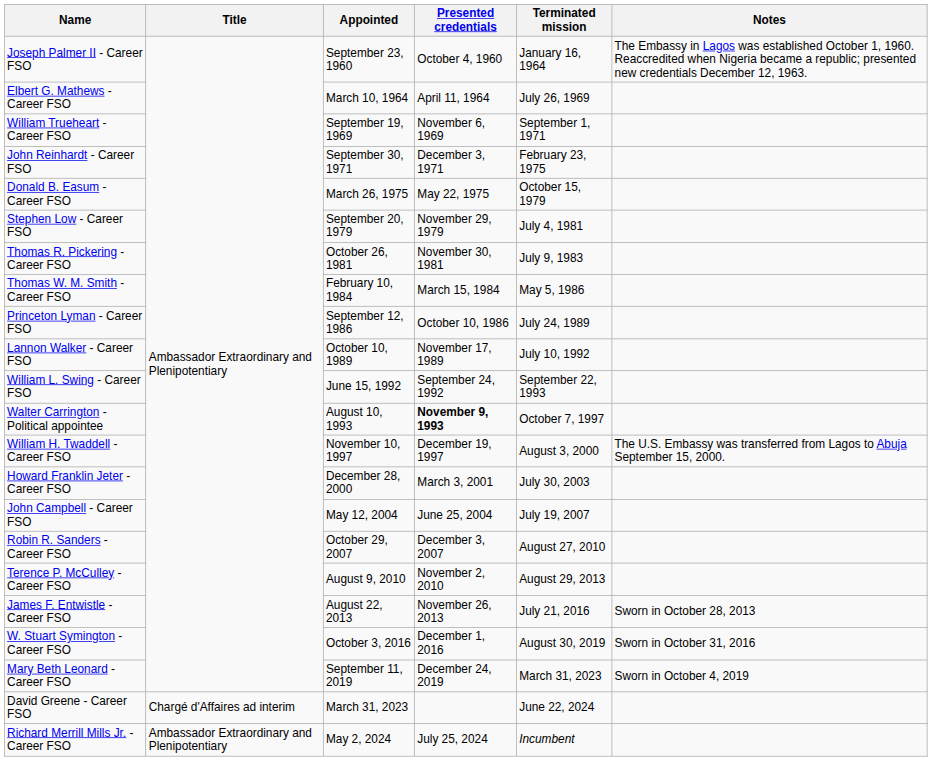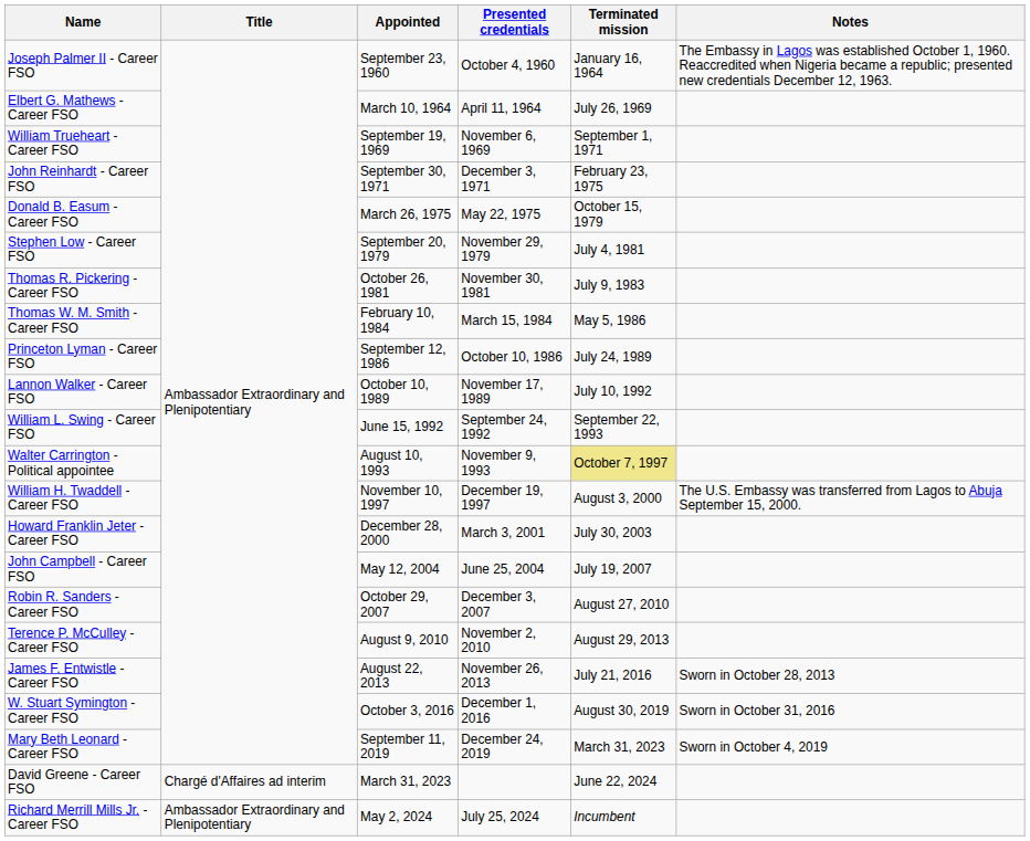 <table class="wikitable">
 <tr>
 <th>Name</th>
 <th>Title</th>
 <th>Appointed</th>
 <th><a href='#'>Presented credentials</a></th>
 <th>Terminated mission</th>
 <th>Notes</th>
 </tr>
 <tr>
 <td><a href='#'>Joseph Palmer II</a> - Career FSO</td>
 <td rowspan="20">Ambassador Extraordinary and Plenipotentiary</td>
 <td>September 23, 1960</td>
 <td>October 4, 1960</td>
 <td>January 16, 1964</td>
 <td>The Embassy in <a href='#'>Lagos</a> was established October 1, 1960.<br>Reaccredited when Nigeria became a republic; presented new credentials December 12, 1963.</td>
 </tr>
 <tr>
 <td><a href='#'>Elbert G. Mathews</a> - Career FSO</td>
 <td>March 10, 1964</td>
 <td>April 11, 1964</td>
 <td>July 26, 1969</td>
 <td></td>
 </tr>
 <tr>
 <td><a href='#'>William Trueheart</a> - Career FSO</td>
 <td>September 19, 1969</td>
 <td>November 6, 1969</td>
 <td>September 1, 1971</td>
 <td></td>
 </tr>
 <tr>
 <td><a href='#'>John Reinhardt</a> - Career FSO</td>
 <td>September 30, 1971</td>
 <td>December 3, 1971</td>
 <td>February 23, 1975</td>
 <td></td>
 </tr>
 <tr>
 <td><a href='#'>Donald B. Easum</a> - Career FSO</td>
 <td>March 26, 1975</td>
 <td>May 22, 1975</td>
 <td>October 15, 1979</td>
 <td></td>
 </tr>
 <tr>
 <td><a href='#'>Stephen Low</a> - Career FSO</td>
 <td>September 20, 1979</td>
 <td>November 29, 1979</td>
 <td>July 4, 1981</td>
 <td></td>
 </tr>
 <tr>
 <td><a href='#'>Thomas R. Pickering</a> - Career FSO</td>
 <td>October 26, 1981</td>
 <td>November 30, 1981</td>
 <td>July 9, 1983</td>
 <td></td>
 </tr>
 <tr>
 <td><a href='#'>Thomas W. M. Smith</a> - Career FSO</td>
 <td>February 10, 1984</td>
 <td>March 15, 1984</td>
 <td>May 5, 1986</td>
 <td></td>
 </tr>
 <tr>
 <td><a href='#'>Princeton Lyman</a> - Career FSO</td>
 <td>September 12, 1986</td>
 <td>October 10, 1986</td>
 <td>July 24, 1989</td>
 <td></td>
 </tr>
 <tr>
 <td><a href='#'>Lannon Walker</a> - Career FSO</td>
 <td>October 10, 1989</td>
 <td>November 17, 1989</td>
 <td>July 10, 1992</td>
 <td></td>
 </tr>
 <tr>
 <td><a href='#'>William L. Swing</a> - Career FSO</td>
 <td>June 15, 1992</td>
 <td>September 24, 1992</td>
 <td>September 22, 1993</td>
 <td></td>
 </tr>
 <tr>
 <td><a href='#'>Walter Carrington</a> - Political appointee</td>
 <td>August 10, 1993</td>
-<td><strong>November 9, 1993</strong></td>
-<td>October 7, 1997</td>
+<td>November 9, 1993</td>
+<td style="background: khaki;">October 7, 1997</td>
 <td></td>
 </tr>
 <tr>
 <td><a href='#'>William H. Twaddell</a> - Career FSO</td>
 <td>November 10, 1997</td>
 <td>December 19, 1997</td>
 <td>August 3, 2000</td>
 <td>The U.S. Embassy was transferred from Lagos to <a href='#'>Abuja</a> September 15, 2000.</td>
 </tr>
 <tr>
 <td><a href='#'>Howard Franklin Jeter</a> - Career FSO</td>
 <td>December 28, 2000</td>
 <td>March 3, 2001</td>
 <td>July 30, 2003</td>
 <td></td>
 </tr>
 <tr>
 <td><a href='#'>John Campbell</a> - Career FSO</td>
 <td>May 12, 2004</td>
 <td>June 25, 2004</td>
 <td>July 19, 2007</td>
 <td></td>
 </tr>
 <tr>
 <td><a href='#'>Robin R. Sanders</a> - Career FSO</td>
 <td>October 29, 2007</td>
 <td>December 3, 2007</td>
 <td>August 27, 2010</td>
 <td></td>
 </tr>
 <tr>
 <td><a href='#'>Terence P. McCulley</a> - Career FSO</td>
 <td>August 9, 2010</td>
 <td>November 2, 2010</td>
 <td>August 29, 2013</td>
 <td></td>
 </tr>
 <tr>
 <td><a href='#'>James F. Entwistle</a> - Career FSO</td>
 <td>August 22, 2013</td>
 <td>November 26, 2013</td>
 <td>July 21, 2016</td>
 <td>Sworn in October 28, 2013</td>
 </tr>
 <tr>
 <td><a href='#'>W. Stuart Symington</a> - Career FSO</td>
 <td>October 3, 2016</td>
 <td>December 1, 2016</td>
 <td>August 30, 2019</td>
 <td>Sworn in October 31, 2016</td>
 </tr>
 <tr>
 <td><a href='#'>Mary Beth Leonard</a> - Career FSO</td>
 <td>September 11, 2019</td>
 <td>December 24, 2019</td>
 <td>March 31, 2023</td>
 <td>Sworn in October 4, 2019</td>
 </tr>
 <tr>
 <td>David Greene - Career FSO</td>
 <td>Chargé d'Affaires ad interim</td>
 <td>March 31, 2023</td>
 <td></td>
 <td>June 22, 2024</td>
 <td></td>
 </tr>
 <tr>
 <td><a href='#'>Richard Merrill Mills Jr.</a> - Career FSO</td>
 <td>Ambassador Extraordinary and Plenipotentiary</td>
 <td>May 2, 2024</td>
 <td>July 25, 2024</td>
 <td><em>Incumbent</em></td>
 <td></td>
 </tr>
 </table>
